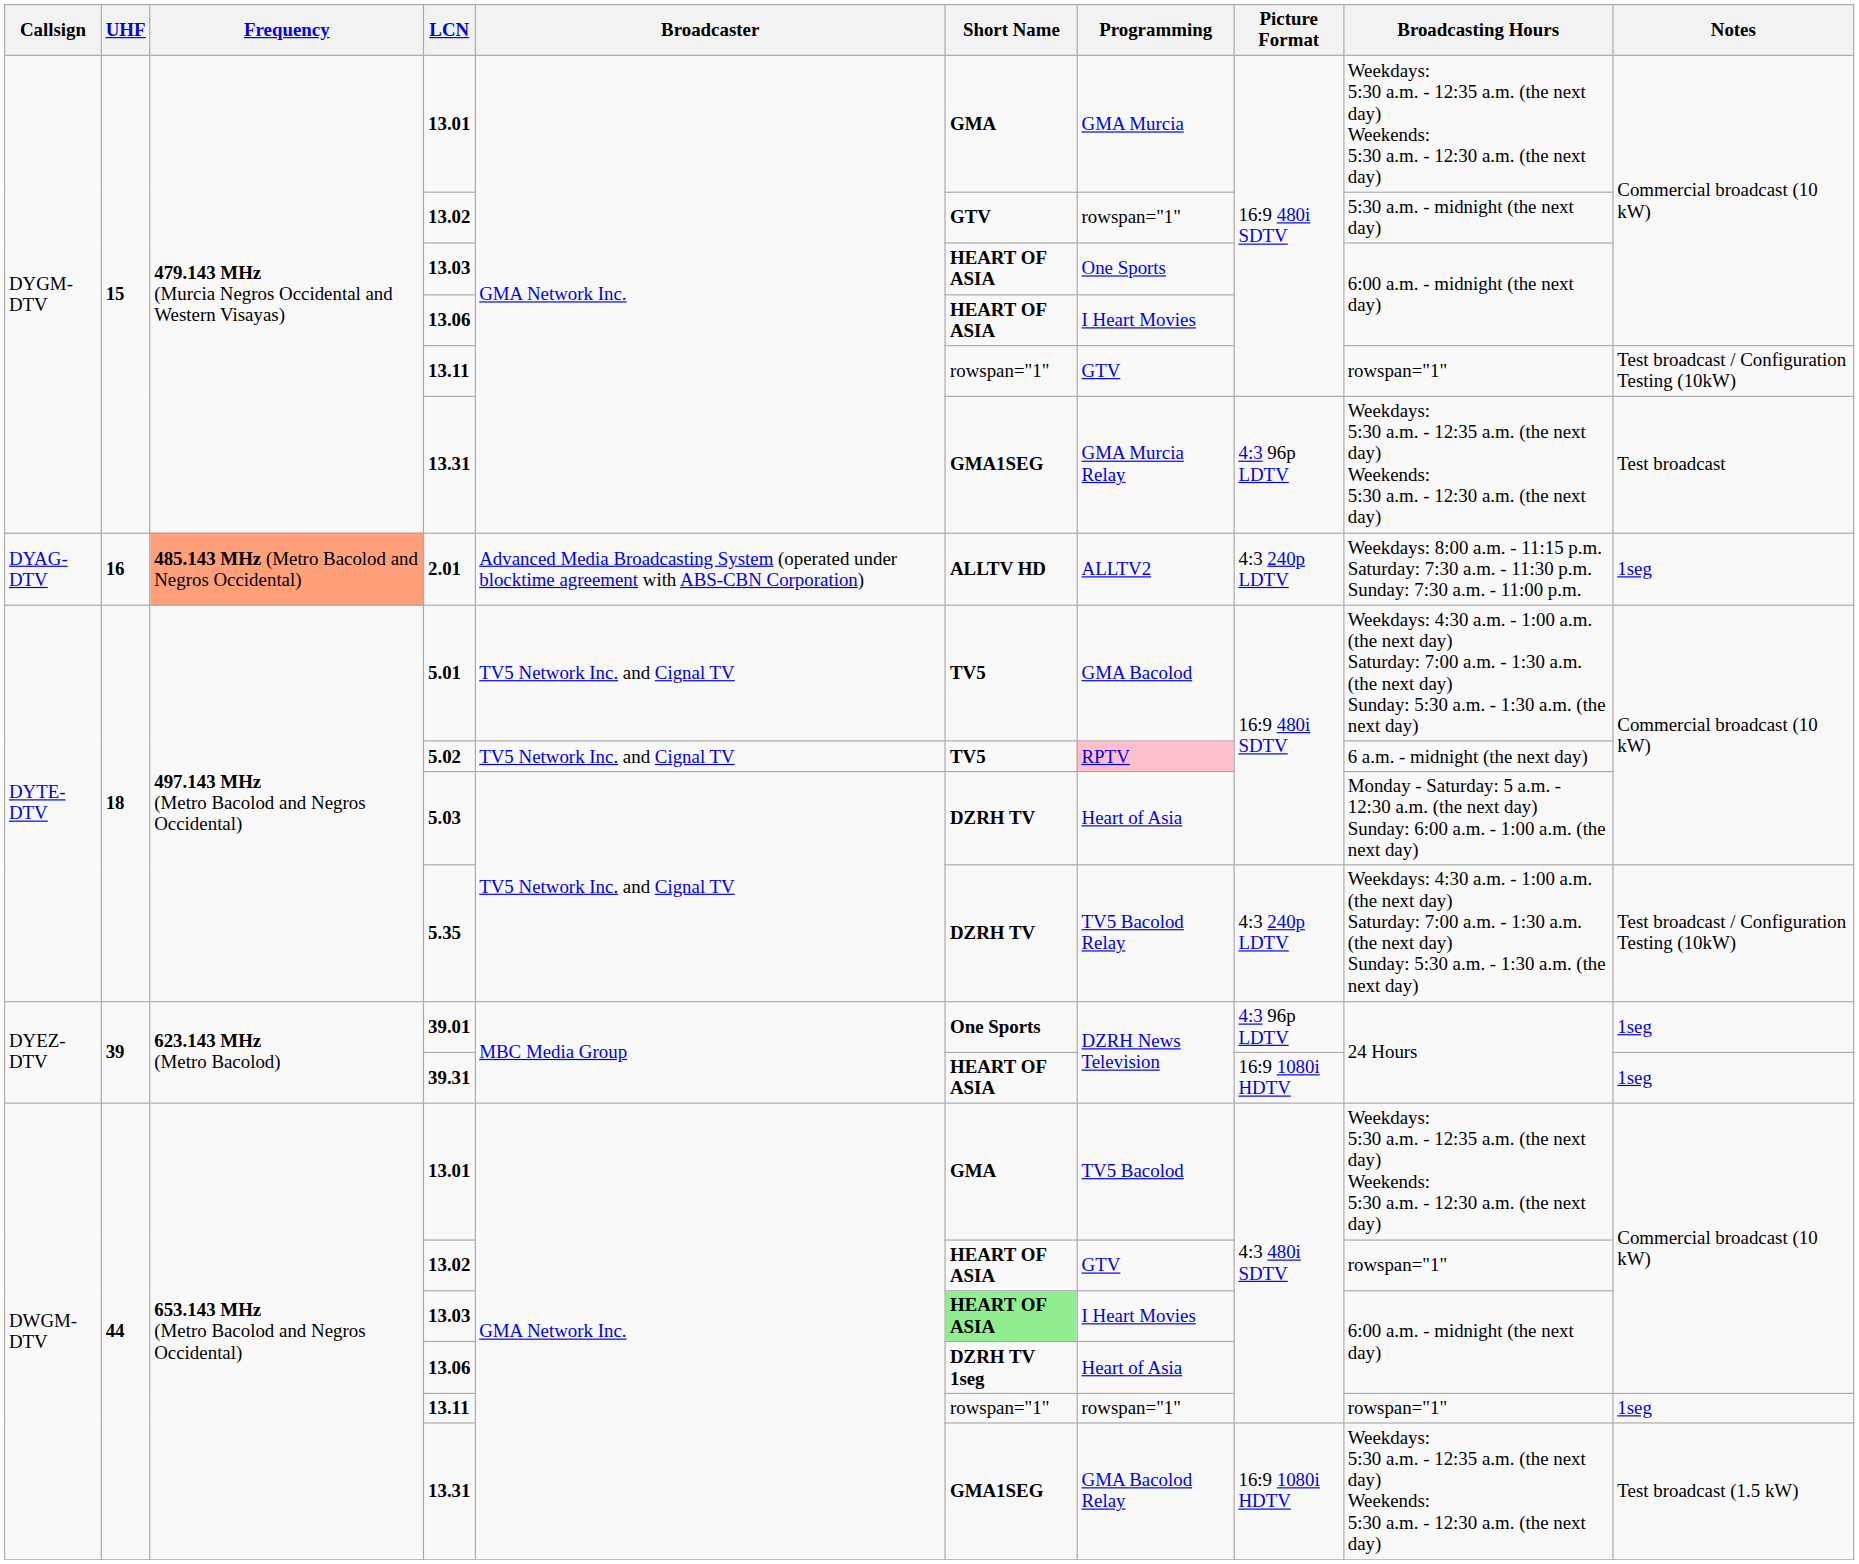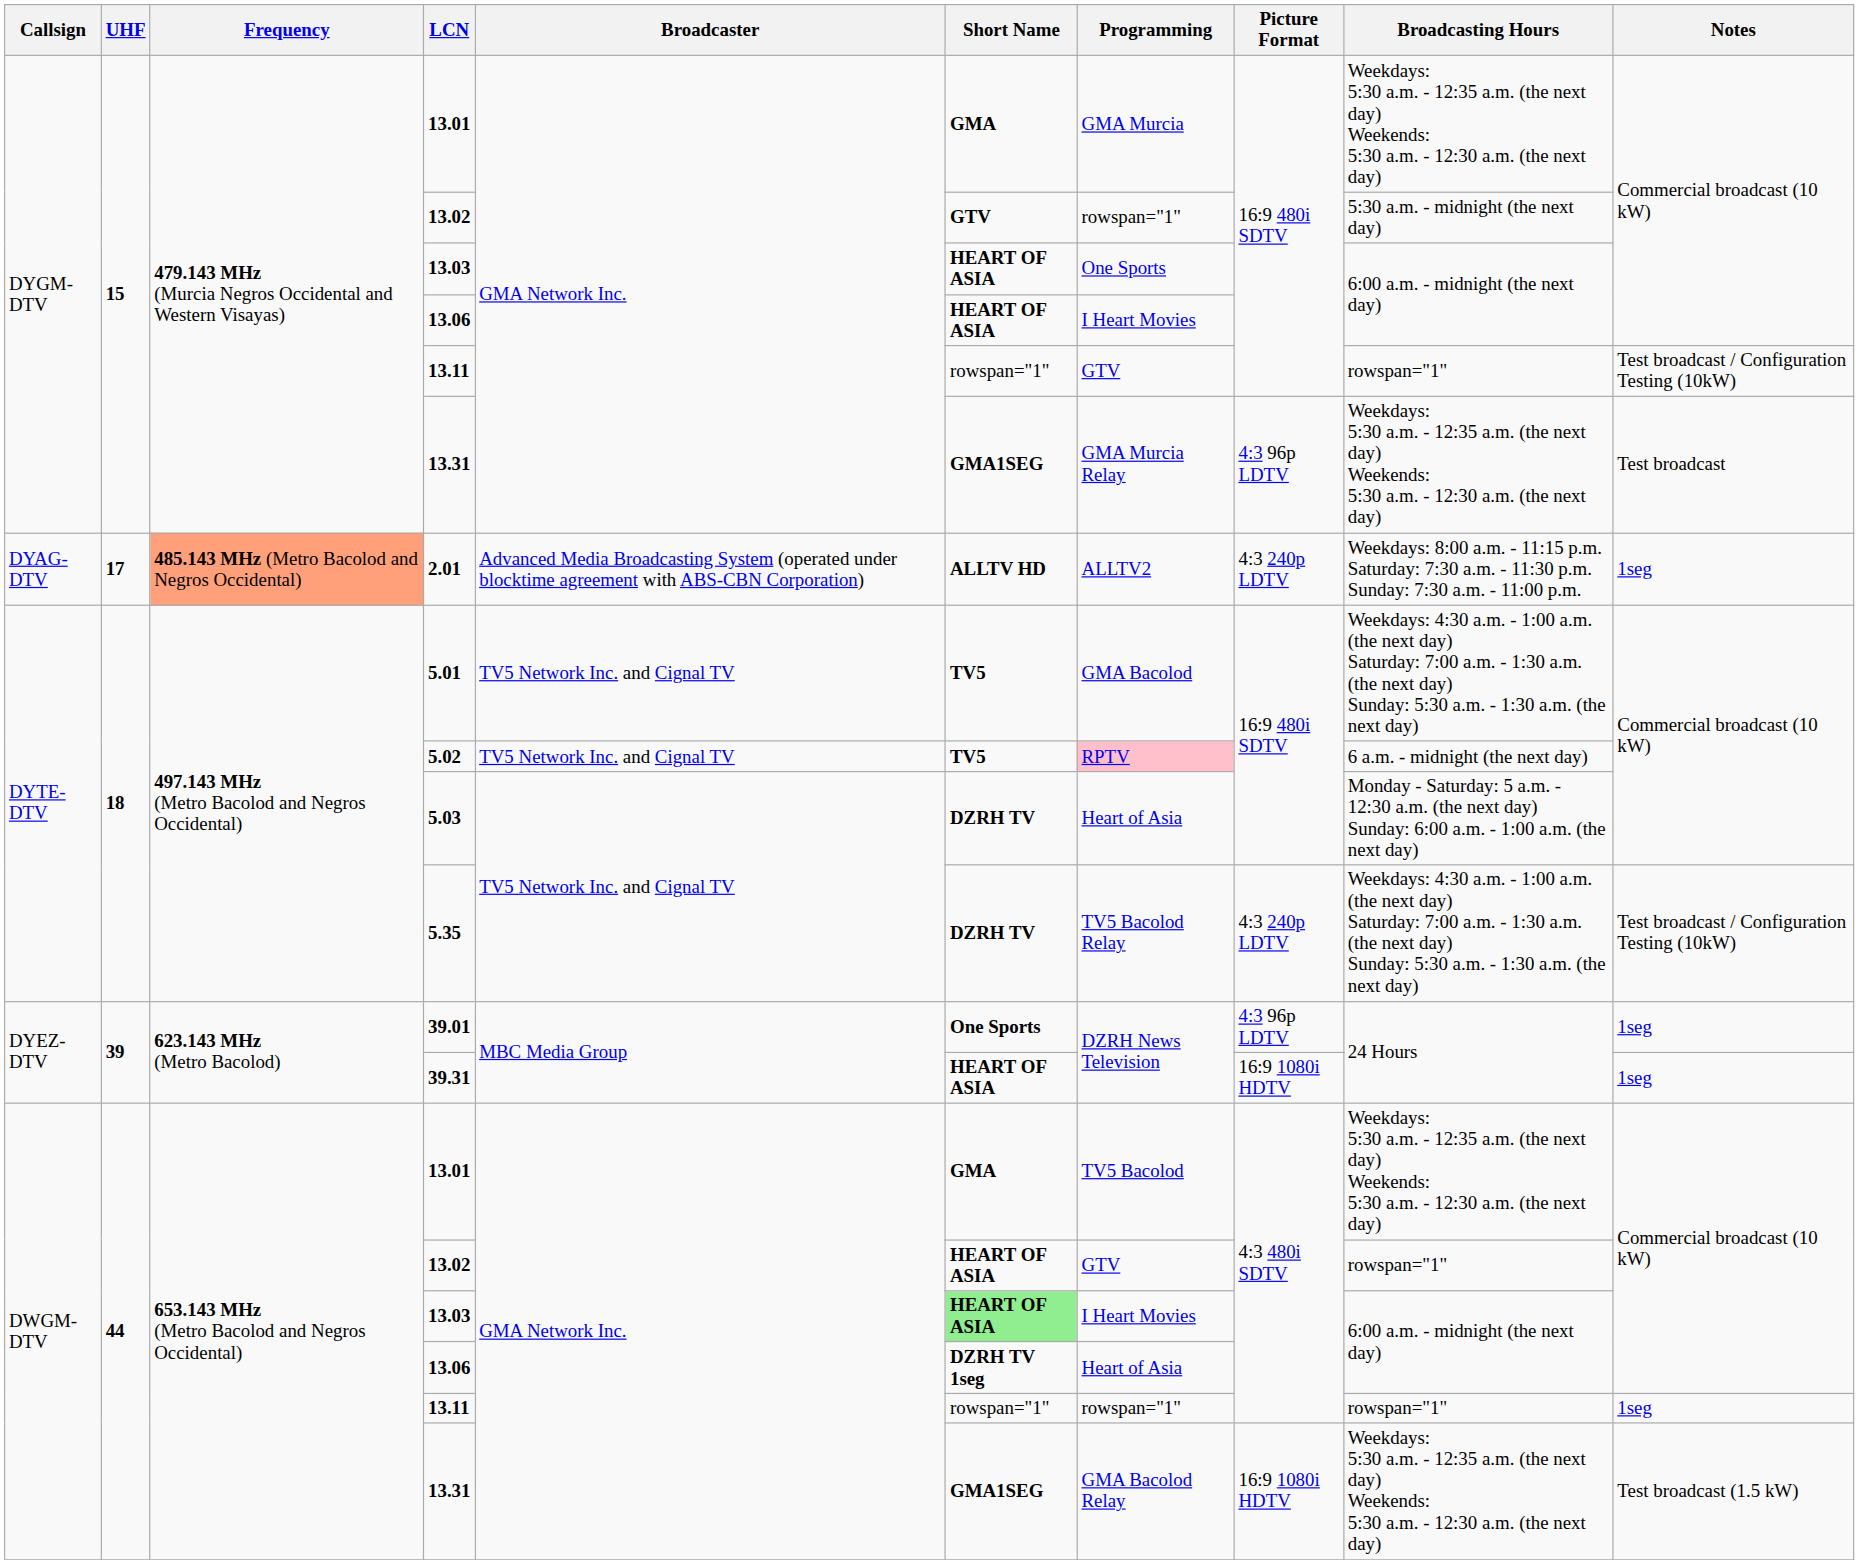 <table class="wikitable sortable">
 <tr>
 <th>Callsign</th>
 <th><a href='#'>UHF</a></th>
 <th><a href='#'>Frequency</a></th>
 <th><a href='#'>LCN</a></th>
 <th>Broadcaster</th>
 <th>Short Name</th>
 <th>Programming</th>
 <th>Picture Format</th>
 <th>Broadcasting Hours</th>
 <th>Notes</th>
 </tr>
 <tr>
 <td rowspan="6">DYGM-DTV</td>
 <td rowspan="6"><strong>15</strong></td>
 <td rowspan="6"><strong>479.143 MHz</strong><br>(Murcia Negros Occidental and Western Visayas)</td>
 <td><strong>13.01</strong></td>
 <td rowspan="6"><a href='#'>GMA Network Inc.</a></td>
 <td><strong>GMA</strong></td>
 <td><a href='#'>GMA Murcia</a></td>
 <td rowspan="5">16:9 <a href='#'>480i</a> <a href='#'>SDTV</a></td>
 <td>Weekdays: <br> 5:30 a.m. - 12:35 a.m. (the next day) <br> Weekends: <br> 5:30 a.m. - 12:30 a.m. (the next day)</td>
 <td rowspan="4">Commercial broadcast (10 kW)</td>
 </tr>
 <tr>
 <td><strong>13.02</strong></td>
 <td><strong>GTV</strong></td>
 <td>rowspan="1" </td>
 <td rowspan="1">5:30 a.m. - midnight (the next day)</td>
 </tr>
 <tr>
 <td><strong>13.03</strong></td>
 <td><strong>HEART OF ASIA</strong></td>
 <td><a href='#'>One Sports</a></td>
 <td rowspan="2">6:00 a.m. - midnight (the next day)</td>
 </tr>
 <tr>
 <td><strong>13.06</strong></td>
 <td><strong>HEART OF ASIA</strong></td>
 <td><a href='#'>I Heart Movies</a></td>
 </tr>
 <tr>
 <td><strong>13.11</strong></td>
 <td>rowspan="1" </td>
 <td><a href='#'>GTV</a></td>
 <td>rowspan="1" </td>
 <td rowspan="1">Test broadcast / Configuration Testing (10kW)</td>
 </tr>
 <tr>
 <td><strong>13.31</strong></td>
 <td><strong>GMA1SEG</strong></td>
 <td><a href='#'>GMA Murcia Relay</a></td>
 <td><a href='#'>4:3</a> 96p <a href='#'>LDTV</a></td>
 <td>Weekdays: <br> 5:30 a.m. - 12:35 a.m. (the next day) <br> Weekends: <br> 5:30 a.m. - 12:30 a.m. (the next day)</td>
 <td rowspan="1">Test broadcast</td>
 </tr>
 <tr>
 <td rowspan="1"><a href='#'>DYAG-DTV</a></td>
-<td rowspan="1"><strong>16</strong></td>
+<td rowspan="1"><strong>17</strong></td>
 <td rowspan="1" style="background: lightsalmon;"><strong>485.143 MHz</strong> (Metro Bacolod and Negros Occidental)</td>
 <td><strong>2.01</strong></td>
 <td rowspan="1"><a href='#'>Advanced Media Broadcasting System</a> (operated under <a href='#'>blocktime agreement</a> with <a href='#'>ABS-CBN Corporation</a>)</td>
 <td><strong>ALLTV HD</strong></td>
 <td rowspan="1"><a href='#'>ALLTV2</a></td>
 <td>4:3 <a href='#'>240p</a> <a href='#'>LDTV</a></td>
 <td rowspan="1">Weekdays: 8:00 a.m. - 11:15 p.m.<br>Saturday: 7:30 a.m. - 11:30 p.m.<br>Sunday: 7:30 a.m. - 11:00 p.m.</td>
 <td><a href='#'>1seg</a></td>
 </tr>
 <tr>
 <td rowspan="4"><a href='#'>DYTE-DTV</a></td>
 <td rowspan="4"><strong>18</strong></td>
 <td rowspan="4"><strong>497.143 MHz</strong><br>(Metro Bacolod and Negros Occidental)</td>
 <td><strong>5.01</strong></td>
 <td rowspan="1"><a href='#'>TV5 Network Inc.</a> and <a href='#'>Cignal TV</a></td>
 <td><strong>TV5</strong></td>
 <td><a href='#'>GMA Bacolod</a></td>
 <td rowspan="3">16:9 <a href='#'>480i</a> <a href='#'>SDTV</a></td>
 <td>Weekdays:  4:30 a.m. - 1:00 a.m. (the next day) <br> Saturday: 7:00 a.m. - 1:30 a.m. (the next day) <br> Sunday: 5:30 a.m. - 1:30 a.m. (the next day)</td>
 <td rowspan="3">Commercial broadcast (10 kW)</td>
 </tr>
 <tr>
 <td><strong>5.02</strong></td>
 <td rowspan="1"><a href='#'>TV5 Network Inc.</a> and <a href='#'>Cignal TV</a></td>
 <td><strong>TV5</strong></td>
 <td style="background: pink;"><a href='#'>RPTV</a></td>
 <td>6 a.m. - midnight (the next day)</td>
 </tr>
 <tr>
 <td><strong>5.03</strong></td>
 <td rowspan="2"><a href='#'>TV5 Network Inc.</a> and <a href='#'>Cignal TV</a></td>
 <td><strong>DZRH TV</strong></td>
 <td><a href='#'>Heart of Asia</a></td>
 <td>Monday - Saturday: 5 a.m. - 12:30 a.m. (the next day) <br> Sunday: 6:00 a.m. - 1:00 a.m. (the next day)</td>
 </tr>
 <tr>
 <td><strong>5.35</strong></td>
 <td><strong>DZRH TV</strong></td>
 <td><a href='#'>TV5 Bacolod Relay</a></td>
 <td>4:3 <a href='#'>240p</a> <a href='#'>LDTV</a></td>
 <td>Weekdays:  4:30 a.m. - 1:00 a.m. (the next day) <br> Saturday: 7:00 a.m. - 1:30 a.m. (the next day) <br> Sunday: 5:30 a.m. - 1:30 a.m. (the next day)</td>
 <td rowspan="1">Test broadcast / Configuration Testing (10kW)</td>
 </tr>
 <tr>
 <td rowspan="2">DYEZ-DTV</td>
 <td rowspan="2"><strong>39</strong></td>
 <td rowspan="2"><strong>623.143 MHz</strong><br>(Metro Bacolod)</td>
 <td><strong>39.01</strong></td>
 <td rowspan="2"><a href='#'>MBC Media Group</a></td>
 <td><strong>One Sports</strong></td>
 <td rowspan="2"><a href='#'>DZRH News Television</a></td>
 <td><a href='#'>4:3</a> 96p <a href='#'>LDTV</a></td>
 <td rowspan="2">24 Hours</td>
 <td><a href='#'>1seg</a></td>
 </tr>
 <tr>
 <td><strong>39.31</strong></td>
 <td><strong>HEART OF ASIA</strong></td>
 <td>16:9 <a href='#'>1080i</a> <a href='#'>HDTV</a></td>
 <td><a href='#'>1seg</a></td>
 </tr>
 <tr>
 <td rowspan="6">DWGM-DTV</td>
 <td rowspan="6"><strong>44</strong></td>
 <td rowspan="6"><strong>653.143 MHz</strong><br>(Metro Bacolod and Negros Occidental)</td>
 <td><strong>13.01</strong></td>
 <td rowspan="6"><a href='#'>GMA Network Inc.</a></td>
 <td><strong>GMA</strong></td>
 <td><a href='#'>TV5 Bacolod</a></td>
 <td rowspan="5">4:3 <a href='#'>480i</a> <a href='#'>SDTV</a></td>
 <td>Weekdays: <br> 5:30 a.m. - 12:35 a.m. (the next day) <br> Weekends: <br> 5:30 a.m. - 12:30 a.m. (the next day)</td>
 <td rowspan="4">Commercial broadcast (10 kW)</td>
 </tr>
 <tr>
 <td><strong>13.02</strong></td>
 <td><strong>HEART OF ASIA</strong></td>
 <td><a href='#'>GTV</a></td>
 <td>rowspan="1" </td>
 </tr>
 <tr>
 <td><strong>13.03</strong></td>
 <td style="background: lightgreen;"><strong>HEART OF ASIA</strong></td>
 <td><a href='#'>I Heart Movies</a></td>
 <td rowspan="2">6:00 a.m. - midnight (the next day)</td>
 </tr>
 <tr>
 <td><strong>13.06</strong></td>
 <td><strong>DZRH TV 1seg</strong></td>
 <td><a href='#'>Heart of Asia</a></td>
 </tr>
 <tr>
 <td><strong>13.11</strong></td>
 <td>rowspan="1" </td>
 <td>rowspan="1" </td>
 <td>rowspan="1" </td>
 <td><a href='#'>1seg</a></td>
 </tr>
 <tr>
 <td><strong>13.31</strong></td>
 <td><strong>GMA1SEG</strong></td>
 <td><a href='#'>GMA Bacolod Relay</a></td>
 <td>16:9 <a href='#'>1080i</a> <a href='#'>HDTV</a></td>
 <td>Weekdays: <br> 5:30 a.m. - 12:35 a.m. (the next day) <br> Weekends: <br> 5:30 a.m. - 12:30 a.m. (the next day)</td>
 <td>Test broadcast (1.5 kW)</td>
 </tr>
 </table>
